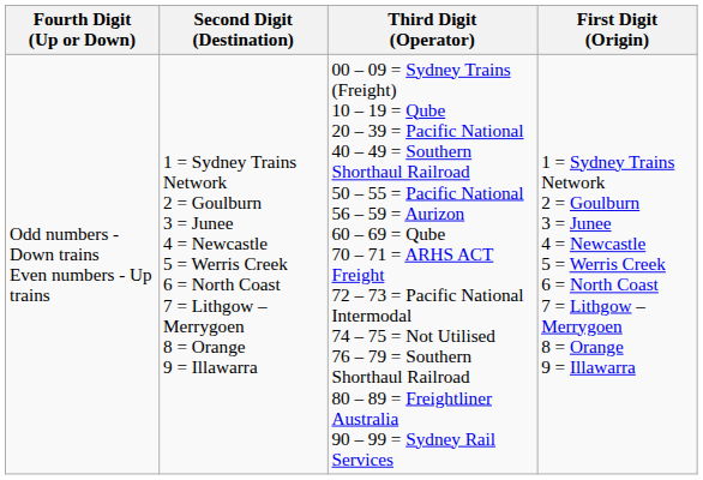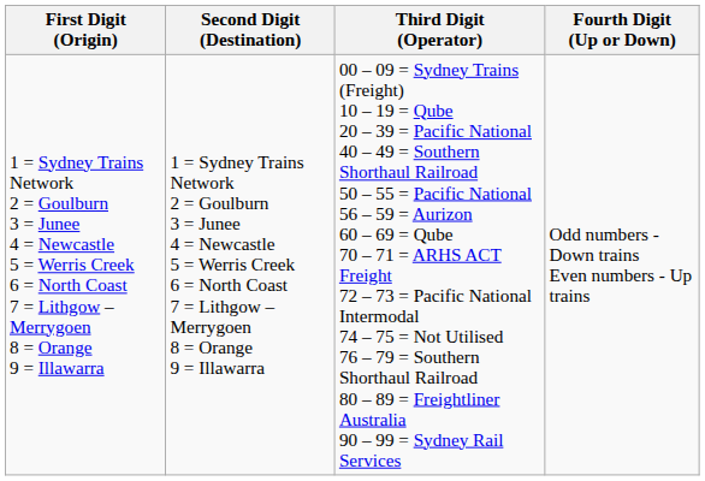 <table class="wikitable">
 <tr>
-<th>Fourth Digit<br>(Up or Down)</th>
+<th>First Digit<br>(Origin)</th>
 <th>Second Digit<br>(Destination)</th>
 <th>Third Digit<br>(Operator)</th>
-<th>First Digit<br>(Origin)</th>
+<th>Fourth Digit<br>(Up or Down)</th>
 </tr>
 <tr>
-<td>Odd numbers - Down trains<br>Even numbers - Up trains</td>
+<td>1 = <a href='#'>Sydney Trains</a> Network<br>2 = <a href='#'>Goulburn</a><br> 3 = <a href='#'>Junee</a><br>4 = <a href='#'>Newcastle</a><br>5 = <a href='#'>Werris Creek</a><br>6 = <a href='#'>North Coast</a><br>7 = <a href='#'>Lithgow</a> – <a href='#'>Merrygoen</a><br>8 = <a href='#'>Orange</a><br>9 = <a href='#'>Illawarra</a></td>
 <td>1 = Sydney Trains Network<br>2 = Goulburn<br> 3 = Junee<br>4 = Newcastle<br>5 = Werris Creek<br>6 = North Coast<br>7 = Lithgow – Merrygoen<br>8 = Orange<br>9 = Illawarra</td>
 <td>00 – 09 = <a href='#'>Sydney Trains</a> (Freight)<br>10 – 19 = <a href='#'>Qube</a><br>20 – 39 = <a href='#'>Pacific National</a><br>40 – 49 = <a href='#'>Southern Shorthaul Railroad</a><br>50 – 55 = <a href='#'>Pacific National</a><br>56 – 59 = <a href='#'>Aurizon</a><br>60 – 69 = Qube<br>70 – 71 = <a href='#'>ARHS ACT Freight</a><br>72 – 73 = Pacific National Intermodal<br>74 – 75 = Not Utilised<br>76 – 79 = Southern Shorthaul Railroad<br>80 – 89 = <a href='#'>Freightliner Australia</a><br>90 – 99 = <a href='#'>Sydney Rail Services</a></td>
-<td>1 = <a href='#'>Sydney Trains</a> Network<br>2 = <a href='#'>Goulburn</a><br> 3 = <a href='#'>Junee</a><br>4 = <a href='#'>Newcastle</a><br>5 = <a href='#'>Werris Creek</a><br>6 = <a href='#'>North Coast</a><br>7 = <a href='#'>Lithgow</a> – <a href='#'>Merrygoen</a><br>8 = <a href='#'>Orange</a><br>9 = <a href='#'>Illawarra</a></td>
+<td>Odd numbers - Down trains<br>Even numbers - Up trains</td>
 </tr>
 </table>
